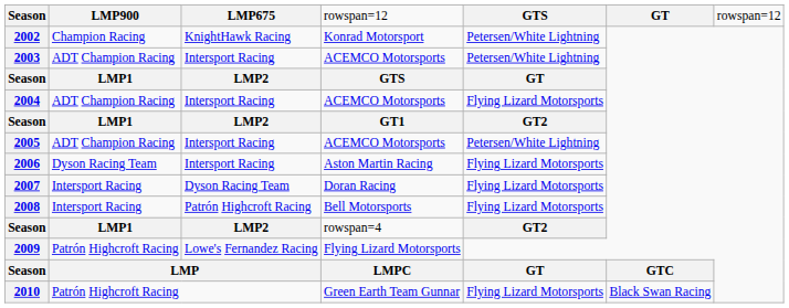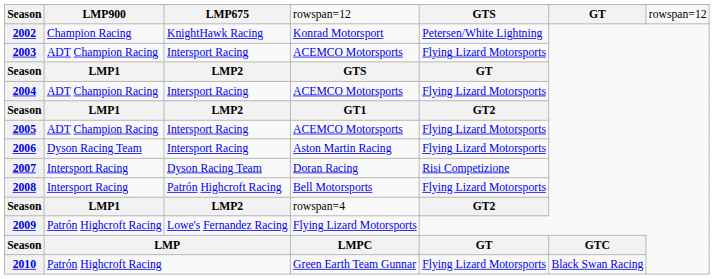 <table class="wikitable" style="font-size: 90%;">
 <tr>
 <th>Season</th>
 <th>LMP900</th>
 <th>LMP675</th>
 <td>rowspan=12 </td>
 <th>GTS</th>
 <th>GT</th>
 <td>rowspan=12 </td>
 </tr>
 <tr>
 <th><a href='#'>2002</a></th>
 <td> <a href='#'>Champion Racing</a></td>
 <td> <a href='#'>KnightHawk Racing</a></td>
 <td> <a href='#'>Konrad Motorsport</a></td>
 <td> <a href='#'>Petersen/White Lightning</a></td>
 </tr>
 <tr>
 <th><a href='#'>2003</a></th>
 <td> <a href='#'>ADT</a> <a href='#'>Champion Racing</a></td>
 <td> <a href='#'>Intersport Racing</a></td>
 <td> <a href='#'>ACEMCO Motorsports</a></td>
-<td> <a href='#'>Petersen/White Lightning</a></td>
+<td> <a href='#'>Flying Lizard Motorsports</a></td>
 </tr>
 <tr>
 <th>Season</th>
 <th>LMP1</th>
 <th>LMP2</th>
 <th>GTS</th>
 <th>GT</th>
 </tr>
 <tr>
 <th><a href='#'>2004</a></th>
 <td> <a href='#'>ADT</a> <a href='#'>Champion Racing</a></td>
 <td> <a href='#'>Intersport Racing</a></td>
 <td> <a href='#'>ACEMCO Motorsports</a></td>
 <td> <a href='#'>Flying Lizard Motorsports</a></td>
 </tr>
 <tr>
 <th>Season</th>
 <th>LMP1</th>
 <th>LMP2</th>
 <th>GT1</th>
 <th>GT2</th>
 </tr>
 <tr>
 <th><a href='#'>2005</a></th>
 <td> <a href='#'>ADT</a> <a href='#'>Champion Racing</a></td>
 <td> <a href='#'>Intersport Racing</a></td>
 <td> <a href='#'>ACEMCO Motorsports</a></td>
-<td> <a href='#'>Petersen/White Lightning</a></td>
+<td> <a href='#'>Flying Lizard Motorsports</a></td>
 </tr>
 <tr>
 <th><a href='#'>2006</a></th>
 <td> <a href='#'>Dyson Racing Team</a></td>
 <td> <a href='#'>Intersport Racing</a></td>
 <td> <a href='#'>Aston Martin Racing</a></td>
 <td> <a href='#'>Flying Lizard Motorsports</a></td>
 </tr>
 <tr>
 <th><a href='#'>2007</a></th>
 <td> <a href='#'>Intersport Racing</a></td>
 <td> <a href='#'>Dyson Racing Team</a></td>
 <td> <a href='#'>Doran Racing</a></td>
-<td> <a href='#'>Flying Lizard Motorsports</a></td>
+<td> <a href='#'>Risi Competizione</a></td>
 </tr>
 <tr>
 <th><a href='#'>2008</a></th>
 <td> <a href='#'>Intersport Racing</a></td>
 <td> <a href='#'>Patrón</a> <a href='#'>Highcroft Racing</a></td>
 <td> <a href='#'>Bell Motorsports</a></td>
 <td> <a href='#'>Flying Lizard Motorsports</a></td>
 </tr>
 <tr>
 <th>Season</th>
 <th>LMP1</th>
 <th>LMP2</th>
 <td>rowspan=4 </td>
 <th>GT2</th>
 </tr>
 <tr>
 <th><a href='#'>2009</a></th>
 <td> <a href='#'>Patrón</a> <a href='#'>Highcroft Racing</a></td>
 <td> <a href='#'>Lowe's</a> <a href='#'>Fernandez Racing</a></td>
 <td> <a href='#'>Flying Lizard Motorsports</a></td>
 </tr>
 <tr>
 <th>Season</th>
 <th colspan=2>LMP</th>
 <th>LMPC</th>
 <th>GT</th>
 <th>GTC</th>
 </tr>
 <tr>
 <th><a href='#'>2010</a></th>
 <td colspan=2> <a href='#'>Patrón</a> <a href='#'>Highcroft Racing</a></td>
 <td> <a href='#'>Green Earth Team Gunnar</a></td>
 <td> <a href='#'>Flying Lizard Motorsports</a></td>
 <td> <a href='#'>Black Swan Racing</a></td>
 </tr>
 </table>
